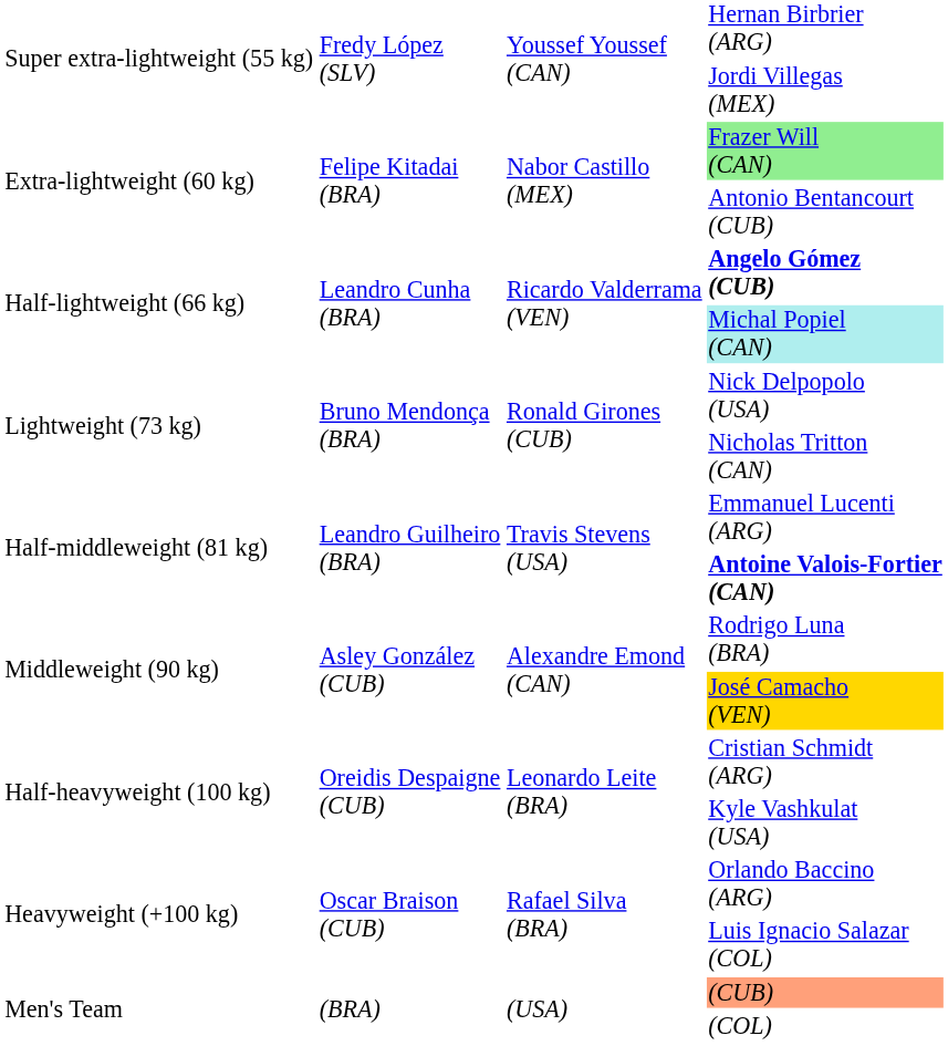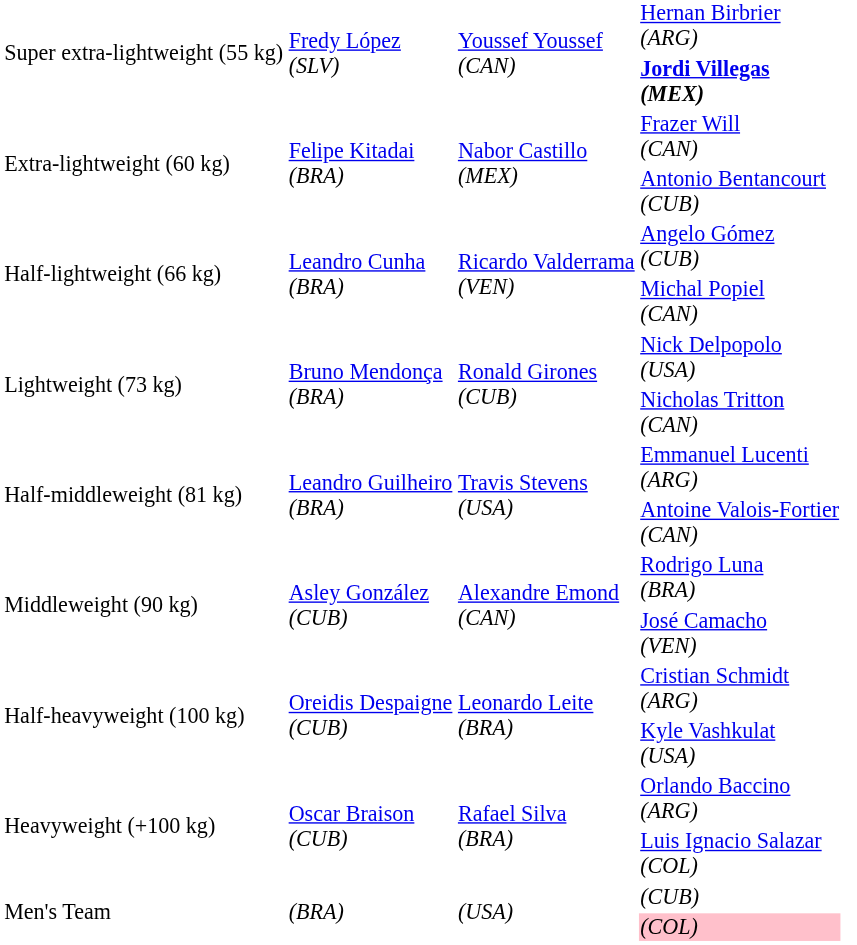 <table>
 <tr>
 <td rowspan=2>Super extra-lightweight (55 kg)</td>
 <td rowspan=2><a href='#'>Fredy López</a><br> <em> (SLV)</em></td>
 <td rowspan=2><a href='#'>Youssef Youssef</a> <br> <em> (CAN)</em></td>
 <td><a href='#'>Hernan Birbrier</a> <br> <em> (ARG)</em></td>
 </tr>
 <tr>
-<td><a href='#'>Jordi Villegas</a> <br> <em> (MEX)</em></td>
+<td><strong><a href='#'>Jordi Villegas</a> <br> <em> (MEX)</em></strong></td>
 </tr>
 <tr>
 <td rowspan=2>Extra-lightweight (60 kg)</td>
 <td rowspan=2><a href='#'>Felipe Kitadai</a><br> <em> (BRA)</em></td>
 <td rowspan=2><a href='#'>Nabor Castillo</a> <br> <em> (MEX)</em></td>
-<td style="background: lightgreen;"><a href='#'>Frazer Will</a> <br> <em> (CAN)</em></td>
+<td><a href='#'>Frazer Will</a> <br> <em> (CAN)</em></td>
 </tr>
 <tr>
 <td><a href='#'>Antonio Bentancourt</a> <br> <em> (CUB)</em></td>
 </tr>
 <tr>
 <td rowspan=2>Half-lightweight (66 kg)</td>
 <td rowspan=2><a href='#'>Leandro Cunha</a><br> <em> (BRA)</em></td>
 <td rowspan=2><a href='#'>Ricardo Valderrama</a> <br> <em> (VEN)</em></td>
-<td><strong><a href='#'>Angelo Gómez</a> <br> <em> (CUB)</em></strong></td>
+<td><a href='#'>Angelo Gómez</a> <br> <em> (CUB)</em></td>
 </tr>
 <tr>
-<td style="background: paleturquoise;"><a href='#'>Michal Popiel</a> <br> <em> (CAN)</em></td>
+<td><a href='#'>Michal Popiel</a> <br> <em> (CAN)</em></td>
 </tr>
 <tr>
 <td rowspan=2>Lightweight (73 kg)</td>
 <td rowspan=2><a href='#'>Bruno Mendonça</a><br> <em> (BRA)</em></td>
 <td rowspan=2><a href='#'>Ronald Girones</a> <br> <em> (CUB)</em></td>
 <td><a href='#'>Nick Delpopolo</a> <br> <em> (USA)</em></td>
 </tr>
 <tr>
 <td><a href='#'>Nicholas Tritton</a> <br> <em> (CAN)</em></td>
 </tr>
 <tr>
 <td rowspan=2>Half-middleweight (81 kg)</td>
 <td rowspan=2><a href='#'>Leandro Guilheiro</a><br> <em> (BRA)</em></td>
 <td rowspan=2><a href='#'>Travis Stevens</a> <br> <em> (USA)</em></td>
 <td><a href='#'>Emmanuel Lucenti</a> <br> <em> (ARG)</em></td>
 </tr>
 <tr>
-<td><strong><a href='#'>Antoine Valois-Fortier</a> <br> <em> (CAN)</em></strong></td>
+<td><a href='#'>Antoine Valois-Fortier</a> <br> <em> (CAN)</em></td>
 </tr>
 <tr>
 <td rowspan=2>Middleweight (90 kg)</td>
 <td rowspan=2><a href='#'>Asley González</a><br><em> (CUB)</em></td>
 <td rowspan=2><a href='#'>Alexandre Emond</a><br><em> (CAN)</em></td>
 <td><a href='#'>Rodrigo Luna</a><br> <em> (BRA)</em></td>
 </tr>
 <tr>
-<td style="background: gold;"><a href='#'>José Camacho</a> <br> <em> (VEN)</em></td>
+<td><a href='#'>José Camacho</a> <br> <em> (VEN)</em></td>
 </tr>
 <tr>
 <td rowspan=2>Half-heavyweight (100 kg)</td>
 <td rowspan=2><a href='#'>Oreidis Despaigne</a><br><em> (CUB)</em></td>
 <td rowspan=2><a href='#'>Leonardo Leite</a><br><em> (BRA)</em></td>
 <td><a href='#'>Cristian Schmidt</a><br> <em> (ARG)</em></td>
 </tr>
 <tr>
 <td><a href='#'>Kyle Vashkulat</a> <br> <em> (USA)</em></td>
 </tr>
 <tr>
 <td rowspan=2>Heavyweight (+100 kg)</td>
 <td rowspan=2><a href='#'>Oscar Braison</a><br><em> (CUB)</em></td>
 <td rowspan=2><a href='#'>Rafael Silva</a><br><em> (BRA)</em></td>
 <td><a href='#'>Orlando Baccino</a><br> <em> (ARG)</em></td>
 </tr>
 <tr>
 <td><a href='#'>Luis Ignacio Salazar</a> <br> <em> (COL)</em></td>
 </tr>
 <tr>
 <td rowspan=2>Men's Team</td>
 <td rowspan=2><em> (BRA)</em></td>
 <td rowspan=2><em> (USA)</em></td>
-<td style="background: lightsalmon;"><em> (CUB)</em></td>
+<td><em> (CUB)</em></td>
 </tr>
 <tr>
-<td><em> (COL)</em></td>
+<td style="background: pink;"><em> (COL)</em></td>
 </tr>
 <tr>
 </tr>
 </table>
